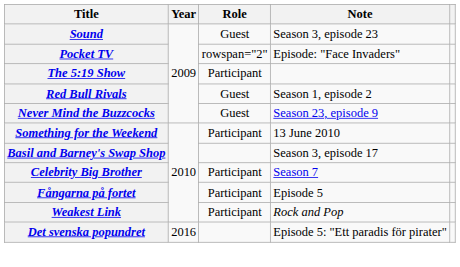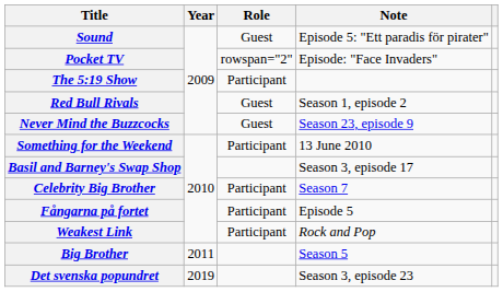 <table class="wikitable plainrowheaders" style="text-align:center;">
 <tr>
 <th scope="col">Title</th>
 <th scope="col">Year</th>
 <th scope="col">Role</th>
 <th scope="col">Note</th>
 <th scope="col"></th>
 </tr>
 <tr>
 <th scope="row"><em><a href='#'>Sound</a></em></th>
 <td rowspan="5">2009</td>
 <td>Guest</td>
-<td align="left">Season 3, episode 23</td>
+<td align="left">Episode 5: "Ett paradis för pirater"</td>
 <td></td>
 </tr>
 <tr>
 <th scope="row"><em><a href='#'>Pocket TV</a></em></th>
 <td>rowspan="2" </td>
 <td align="left">Episode: "Face Invaders"</td>
 <td></td>
 </tr>
 <tr>
 <th scope="row"><em><a href='#'>The 5:19 Show</a></em></th>
 <td>Participant</td>
 <td></td>
 </tr>
 <tr>
 <th scope="row"><em><a href='#'>Red Bull Rivals</a></em></th>
 <td>Guest</td>
 <td align="left">Season 1, episode 2</td>
 <td></td>
 </tr>
 <tr>
 <th scope="row"><em><a href='#'>Never Mind the Buzzcocks</a></em></th>
 <td>Guest</td>
 <td align="left"><a href='#'>Season 23, episode 9</a></td>
 <td></td>
 </tr>
 <tr>
 <th scope="row"><em><a href='#'>Something for the Weekend</a></em></th>
 <td rowspan="5">2010</td>
 <td>Participant</td>
 <td align="left">13 June 2010</td>
 <td></td>
 </tr>
 <tr>
 <th scope="row"><em><a href='#'>Basil and Barney's Swap Shop</a></em></th>
 <td></td>
 <td align="left">Season 3, episode 17</td>
 <td></td>
 </tr>
 <tr>
 <th scope="row"><em><a href='#'>Celebrity Big Brother</a></em></th>
 <td>Participant</td>
 <td align="left"><a href='#'>Season 7</a></td>
 <td></td>
 </tr>
 <tr>
 <th scope="row"><em><a href='#'>Fångarna på fortet</a></em></th>
 <td>Participant</td>
 <td align="left">Episode 5</td>
 <td></td>
 </tr>
 <tr>
 <th scope="row"><em><a href='#'>Weakest Link</a></em></th>
 <td>Participant</td>
 <td align="left"><em>Rock and Pop</em></td>
 <td></td>
 </tr>
 <tr>
+<th scope="row"><em><a href='#'>Big Brother</a></em></th>
+<td>2011</td>
+<td></td>
+<td align="left"><a href='#'>Season 5</a></td>
+<td></td>
+</tr>
+<tr>
 <th scope="row"><em><a href='#'>Det svenska popundret</a></em></th>
-<td>2016</td>
+<td>2019</td>
 <td></td>
-<td align="left">Episode 5: "Ett paradis för pirater"</td>
+<td align="left">Season 3, episode 23</td>
 <td></td>
 </tr>
 </table>
